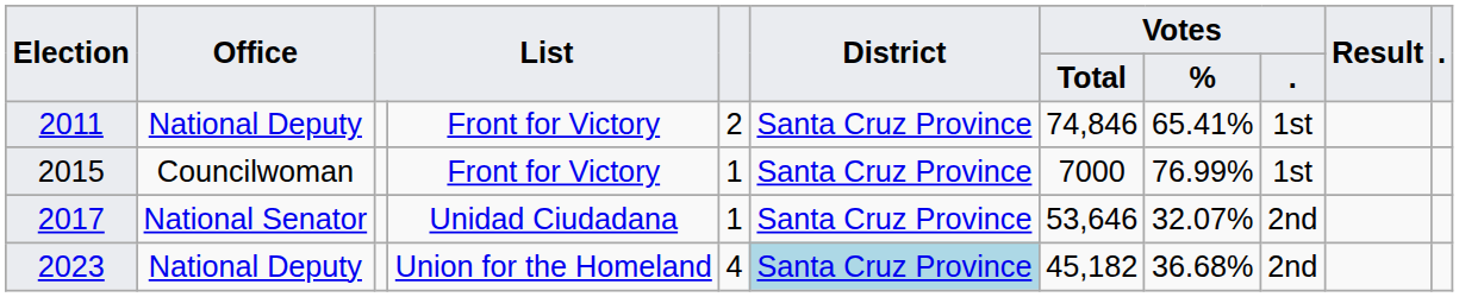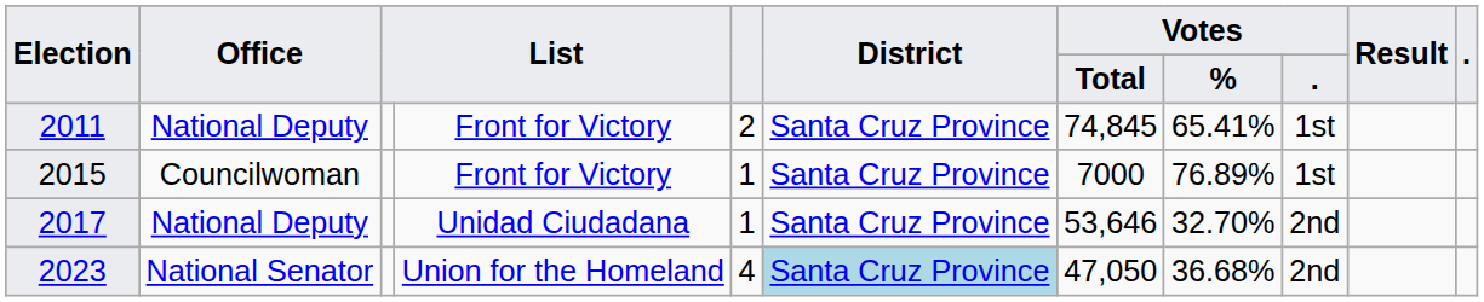 <table class="wikitable" style="font-size:90%; text-align:center;">
 <tr>
 <th style="background-color:#EAECF0;" rowspan=2>Election</th>
 <th style="background-color:#EAECF0;" rowspan=2>Office</th>
 <th style="background-color:#EAECF0;" colspan=2 rowspan=2>List</th>
 <th style="background-color:#EAECF0;" rowspan=2></th>
 <th style="background-color:#EAECF0;" rowspan=2>District</th>
 <th style="background-color:#EAECF0;" colspan=3>Votes</th>
 <th style="background-color:#EAECF0;" rowspan=2>Result</th>
 <th style="background-color:#EAECF0;" rowspan=2>.</th>
 </tr>
 <tr>
 <th style="background-color:#EAECF0;">Total</th>
 <th style="background-color:#EAECF0;">%</th>
 <th style="background-color:#EAECF0;">.</th>
 </tr>
 <tr>
 <td style="background-color:#EAECF0;"><a href='#'>2011</a></td>
 <td><a href='#'>National Deputy</a></td>
 <td style="background-color:"></td>
 <td><a href='#'>Front for Victory</a></td>
 <td>2</td>
 <td><a href='#'>Santa Cruz Province</a></td>
-<td>74,846</td>
+<td>74,845</td>
 <td>65.41%</td>
 <td>1st</td>
 <td></td>
 <td></td>
 </tr>
 <tr>
 <td style="background-color:#EAECF0;">2015</td>
 <td>Councilwoman</td>
 <td style="background-color:"></td>
 <td><a href='#'>Front for Victory</a></td>
 <td>1</td>
 <td><a href='#'>Santa Cruz Province</a></td>
 <td>7000</td>
-<td>76.99%</td>
+<td>76.89%</td>
 <td>1st</td>
 <td></td>
 <td></td>
 </tr>
 <tr>
 <td style="background-color:#EAECF0;"><a href='#'>2017</a></td>
-<td><a href='#'>National Senator</a></td>
+<td><a href='#'>National Deputy</a></td>
 <td style="background-color:"></td>
 <td><a href='#'>Unidad Ciudadana</a></td>
 <td>1</td>
 <td><a href='#'>Santa Cruz Province</a></td>
 <td>53,646</td>
-<td>32.07%</td>
+<td>32.70%</td>
 <td>2nd</td>
 <td></td>
 <td></td>
 </tr>
 <tr>
 <td style="background-color:#EAECF0;"><a href='#'>2023</a></td>
-<td><a href='#'>National Deputy</a></td>
+<td><a href='#'>National Senator</a></td>
 <td style="background-color:"></td>
 <td><a href='#'>Union for the Homeland</a></td>
 <td>4</td>
 <td style="background: lightblue;"><a href='#'>Santa Cruz Province</a></td>
-<td>45,182</td>
+<td>47,050</td>
 <td>36.68%</td>
 <td>2nd</td>
 <td></td>
 <td></td>
 </tr>
 </table>
